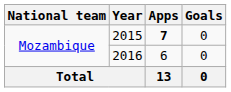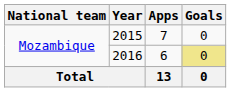 <table class="wikitable" style="text-align:center">
 <tr>
 <th>National team</th>
 <th>Year</th>
 <th>Apps</th>
 <th>Goals</th>
 </tr>
 <tr>
 <td rowspan="2"><a href='#'>Mozambique</a></td>
 <td>2015</td>
-<td><strong>7</strong></td>
+<td>7</td>
 <td>0</td>
 </tr>
 <tr>
 <td>2016</td>
 <td>6</td>
-<td>0</td>
+<td style="background: khaki;">0</td>
 </tr>
 <tr>
 <th colspan=2>Total</th>
 <th>13</th>
 <th>0</th>
 </tr>
 </table>
